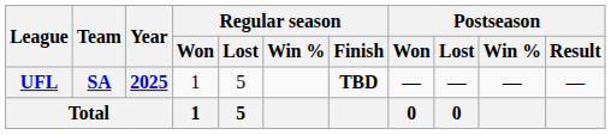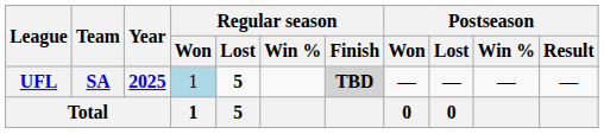 <table class="wikitable" style="font-size: 95%; text-align:center;">
 <tr>
 <th rowspan="2">League</th>
 <th rowspan="2">Team</th>
 <th rowspan="2">Year</th>
 <th colspan="4">Regular season</th>
 <th colspan="4">Postseason</th>
 </tr>
 <tr>
 <th>Won</th>
 <th>Lost</th>
 <th>Win %</th>
 <th>Finish</th>
 <th>Won</th>
 <th>Lost</th>
 <th>Win %</th>
 <th>Result</th>
 </tr>
 <tr>
 <th><a href='#'>UFL</a></th>
 <th><a href='#'>SA</a></th>
 <th><a href='#'>2025</a></th>
-<td>1</td>
-<td>5</td>
+<td style="background: lightblue;">1</td>
+<td><strong>5</strong></td>
 <td></td>
-<td><strong>TBD</strong></td>
+<td style="background: lightgrey;"><strong>TBD</strong></td>
 <td>—</td>
 <td>—</td>
 <td>—</td>
 <td>—</td>
 </tr>
 <tr>
 <th colspan="3">Total</th>
 <th>1</th>
 <th>5</th>
 <th></th>
 <th></th>
 <th>0</th>
 <th>0</th>
 <th></th>
 <th></th>
 </tr>
 </table>
